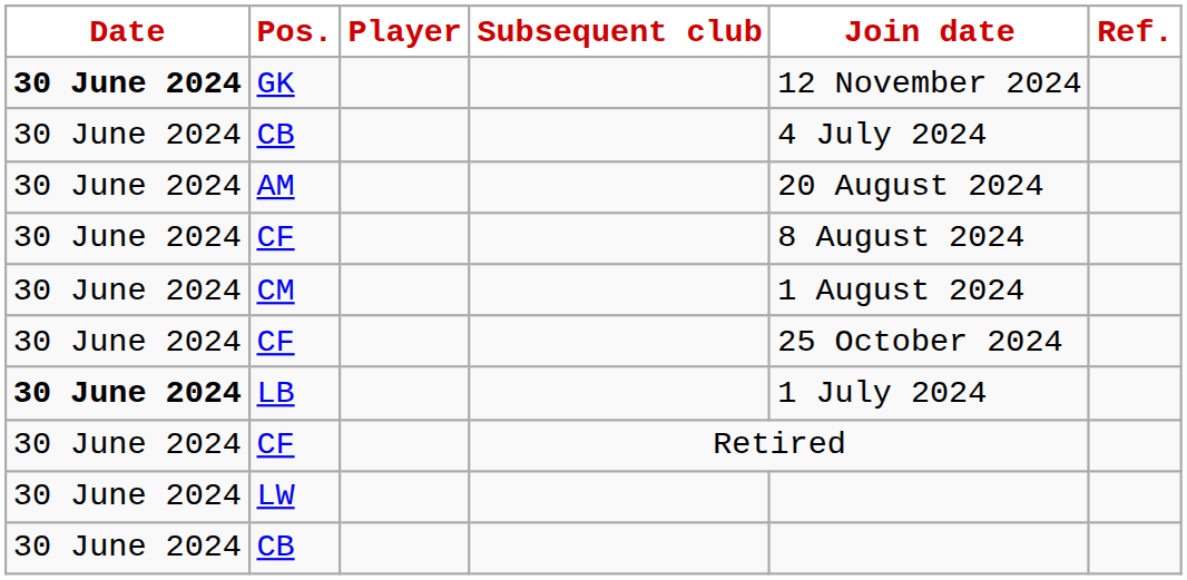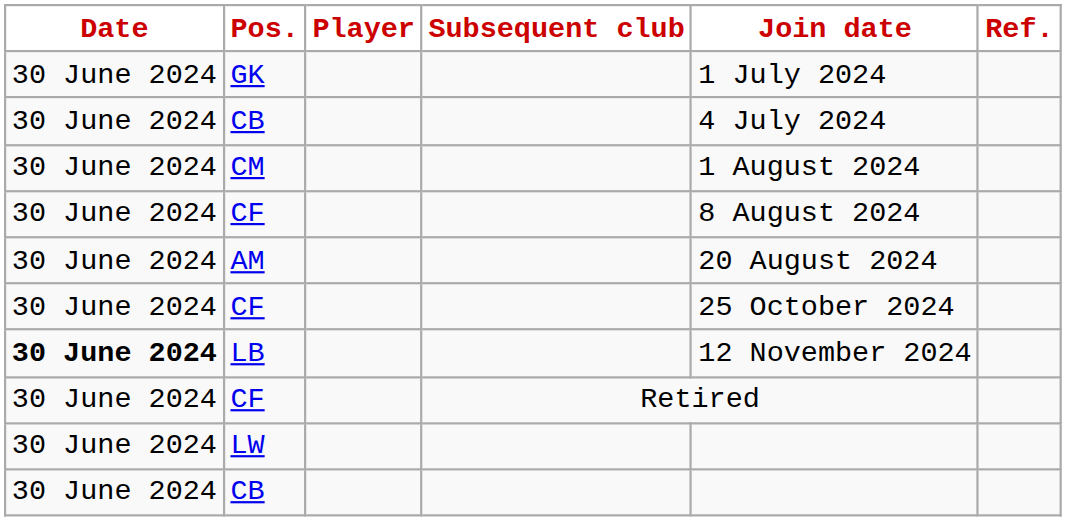 <table class="wikitable plainrowheaders sortable">
 <tr>
 <th style="background:#ffffff;color:#cc0000;">Date</th>
 <th style="background:#ffffff;color:#cc0000;">Pos.</th>
 <th style="background:#ffffff;color:#cc0000;">Player</th>
 <th style="background:#ffffff;color:#cc0000;">Subsequent club</th>
 <th style="background:#ffffff;color:#cc0000;">Join date</th>
 <th style="background:#ffffff;color:#cc0000;">Ref.</th>
 </tr>
 <tr>
-<td><strong>30 June 2024</strong></td>
+<td>30 June 2024</td>
 <td><a href='#'>GK</a></td>
 <td></td>
 <td></td>
-<td>12 November 2024</td>
+<td>1 July 2024</td>
 <td></td>
 </tr>
 <tr>
 <td>30 June 2024</td>
 <td><a href='#'>CB</a></td>
 <td></td>
 <td></td>
 <td>4 July 2024</td>
+<td></td>
+</tr>
+<tr>
+<td>30 June 2024</td>
+<td><a href='#'>CM</a></td>
+<td></td>
+<td></td>
+<td>1 August 2024</td>
+<td></td>
+</tr>
+<tr>
+<td>30 June 2024</td>
+<td><a href='#'>CF</a></td>
+<td></td>
+<td></td>
+<td>8 August 2024</td>
 <td></td>
 </tr>
 <tr>
 <td>30 June 2024</td>
 <td><a href='#'>AM</a></td>
 <td></td>
 <td></td>
 <td>20 August 2024</td>
 <td></td>
 </tr>
 <tr>
 <td>30 June 2024</td>
 <td><a href='#'>CF</a></td>
 <td></td>
 <td></td>
-<td>8 August 2024</td>
-<td></td>
-</tr>
-<tr>
-<td>30 June 2024</td>
-<td><a href='#'>CM</a></td>
-<td></td>
-<td></td>
-<td>1 August 2024</td>
-<td></td>
-</tr>
-<tr>
-<td>30 June 2024</td>
-<td><a href='#'>CF</a></td>
-<td></td>
-<td></td>
 <td>25 October 2024</td>
 <td></td>
 </tr>
 <tr>
 <td><strong>30 June 2024</strong></td>
 <td><a href='#'>LB</a></td>
 <td></td>
 <td></td>
-<td>1 July 2024</td>
+<td>12 November 2024</td>
 <td></td>
 </tr>
 <tr>
 <td>30 June 2024</td>
 <td><a href='#'>CF</a></td>
 <td></td>
 <td colspan="2" align=center>Retired</td>
 <td></td>
 </tr>
 <tr>
 <td>30 June 2024</td>
 <td><a href='#'>LW</a></td>
 <td></td>
 <td></td>
 <td></td>
 <td></td>
 </tr>
 <tr>
 <td>30 June 2024</td>
 <td><a href='#'>CB</a></td>
 <td></td>
 <td></td>
 <td></td>
 <td></td>
 </tr>
 </table>
